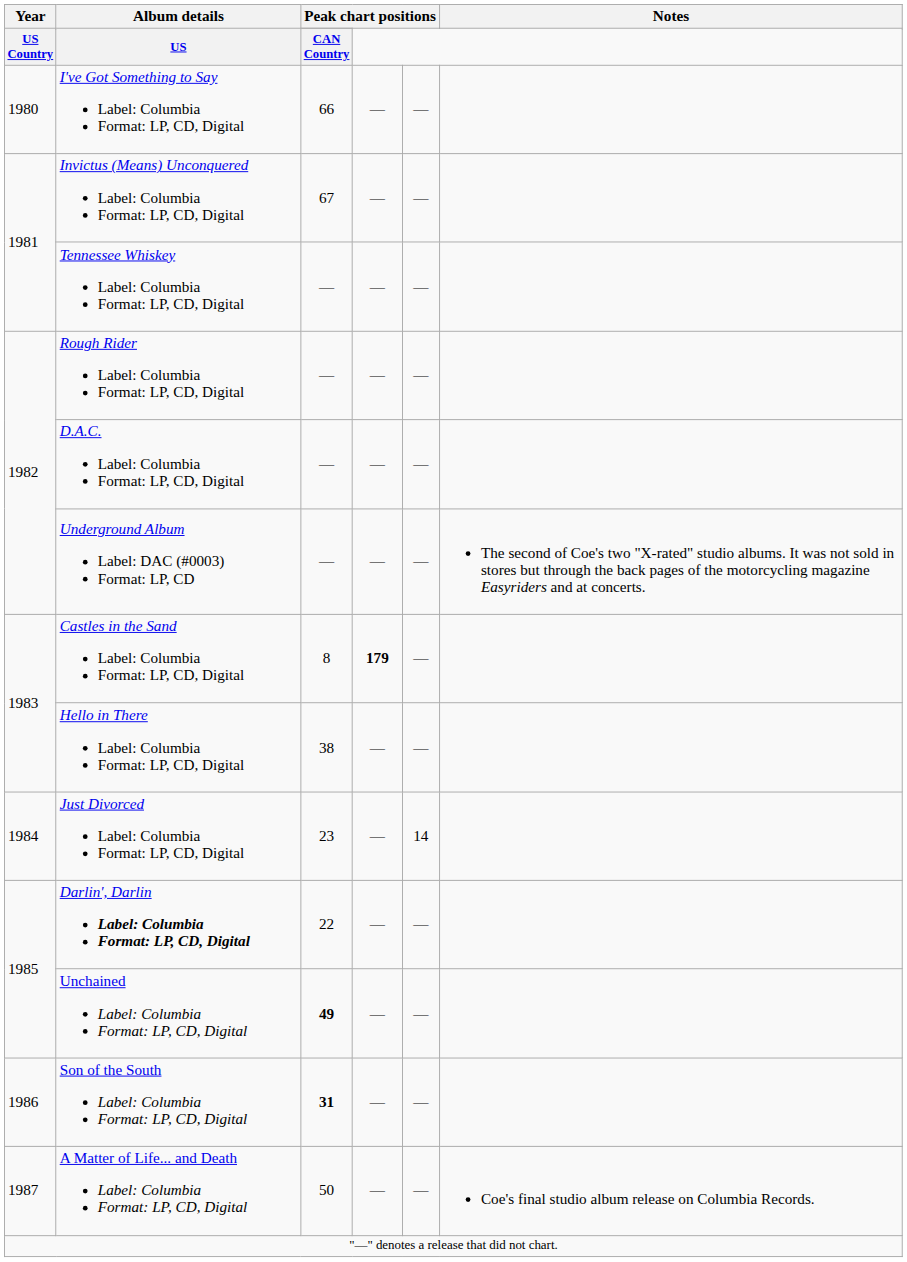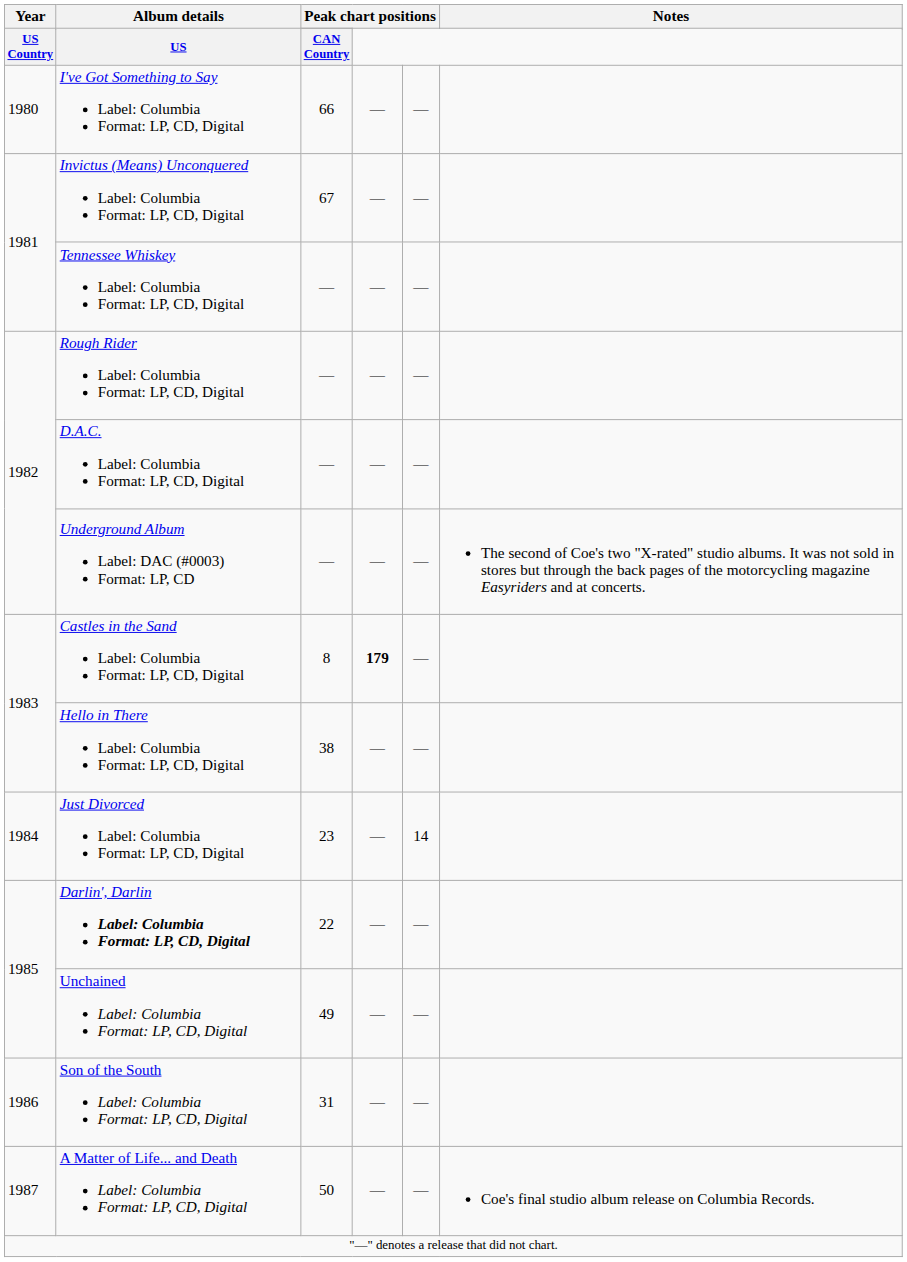 <table class="wikitable">
 <tr>
 <th rowspan="2" style="width:33px;">Year</th>
 <th rowspan="2" style="width:250px;">Album details</th>
 <th colspan=3>Peak chart positions</th>
 <th rowspan="2" style="width:30em;">Notes</th>
 </tr>
 <tr>
 </tr>
 <tr style="font-size:smaller;">
 <th width="40"><a href='#'>US Country</a><br></th>
 <th width="40"><a href='#'>US</a><br></th>
 <th width="40"><a href='#'>CAN Country</a></th>
 </tr>
 <tr>
 <td>1980</td>
 <td><em><a href='#'>I've Got Something to Say</a></em><br><ul><li>Label: Columbia</li><li>Format: LP, CD, Digital</li></ul></td>
 <td style="text-align:center;">66</td>
 <td style="text-align:center;">—</td>
 <td style="text-align:center;">—</td>
 <td></td>
 </tr>
 <tr>
 <td rowspan="2">1981</td>
 <td><em><a href='#'>Invictus (Means) Unconquered</a></em><br><ul><li>Label: Columbia</li><li>Format: LP, CD, Digital</li></ul></td>
 <td style="text-align:center;">67</td>
 <td style="text-align:center;">—</td>
 <td style="text-align:center;">—</td>
 <td></td>
 </tr>
 <tr>
 <td><em><a href='#'>Tennessee Whiskey</a></em><br><ul><li>Label: Columbia</li><li>Format: LP, CD, Digital</li></ul></td>
 <td style="text-align:center;">—</td>
 <td style="text-align:center;">—</td>
 <td style="text-align:center;">—</td>
 <td></td>
 </tr>
 <tr>
 <td rowspan="3">1982</td>
 <td><em><a href='#'>Rough Rider</a></em><br><ul><li>Label: Columbia</li><li>Format: LP, CD, Digital</li></ul></td>
 <td style="text-align:center;">—</td>
 <td style="text-align:center;">—</td>
 <td style="text-align:center;">—</td>
 <td></td>
 </tr>
 <tr>
 <td><em><a href='#'>D.A.C.</a></em><br><ul><li>Label: Columbia</li><li>Format: LP, CD, Digital</li></ul></td>
 <td style="text-align:center;">—</td>
 <td style="text-align:center;">—</td>
 <td style="text-align:center;">—</td>
 <td></td>
 </tr>
 <tr>
 <td><em><a href='#'>Underground Album</a></em><br><ul><li>Label: DAC (#0003)</li><li>Format: LP, CD</li></ul></td>
 <td style="text-align:center;">—</td>
 <td style="text-align:center;">—</td>
 <td style="text-align:center;">—</td>
 <td><br><ul><li>The second of Coe's two "X-rated" studio albums. It was not sold in stores but through the back pages of the motorcycling magazine <em>Easyriders</em> and at concerts.</li></ul></td>
 </tr>
 <tr>
 <td rowspan="2">1983</td>
 <td><em><a href='#'>Castles in the Sand</a></em><br><ul><li>Label: Columbia</li><li>Format: LP, CD, Digital</li></ul></td>
 <td style="text-align:center;">8</td>
 <td style="text-align:center;"><strong>179</strong></td>
 <td style="text-align:center;">—</td>
 <td></td>
 </tr>
 <tr>
 <td><em><a href='#'>Hello in There</a></em><br><ul><li>Label: Columbia</li><li>Format: LP, CD, Digital</li></ul></td>
 <td style="text-align:center;">38</td>
 <td style="text-align:center;">—</td>
 <td style="text-align:center;">—</td>
 <td></td>
 </tr>
 <tr>
 <td>1984</td>
 <td><em><a href='#'>Just Divorced</a></em><br><ul><li>Label: Columbia</li><li>Format: LP, CD, Digital</li></ul></td>
 <td style="text-align:center;">23</td>
 <td style="text-align:center;">—</td>
 <td style="text-align:center;">14</td>
 <td></td>
 </tr>
 <tr>
 <td rowspan="2">1985</td>
 <td><em><a href='#'>Darlin', Darlin</a><strong><br><ul><li>Label: Columbia</li><li>Format: LP, CD, Digital</li></ul></td>
 <td style="text-align:center;">22</td>
 <td style="text-align:center;">—</td>
 <td style="text-align:center;">—</td>
 <td></td>
 </tr>
 <tr>
 <td></em><a href='#'>Unchained</a><em><br><ul><li>Label: Columbia</li><li>Format: LP, CD, Digital</li></ul></td>
-<td style="text-align:center;"><strong>49</strong></td>
+<td style="text-align:center;">49</td>
 <td style="text-align:center;">—</td>
 <td style="text-align:center;">—</td>
 <td></td>
 </tr>
 <tr>
 <td>1986</td>
 <td></em><a href='#'>Son of the South</a><em><br><ul><li>Label: Columbia</li><li>Format: LP, CD, Digital</li></ul></td>
-<td style="text-align:center;"><strong>31</strong></td>
+<td style="text-align:center;">31</td>
 <td style="text-align:center;">—</td>
 <td style="text-align:center;">—</td>
 <td></td>
 </tr>
 <tr>
 <td>1987</td>
 <td></em><a href='#'>A Matter of Life... and Death</a><em><br><ul><li>Label: Columbia</li><li>Format: LP, CD, Digital</li></ul></td>
 <td style="text-align:center;">50</td>
 <td style="text-align:center;">—</td>
 <td style="text-align:center;">—</td>
 <td><br><ul><li>Coe's final studio album release on Columbia Records.</li></ul></td>
 </tr>
 <tr>
 <td colspan="11" style="text-align:center; font-size:85%;">"—" denotes a release that did not chart.</td>
 </tr>
 </table>
